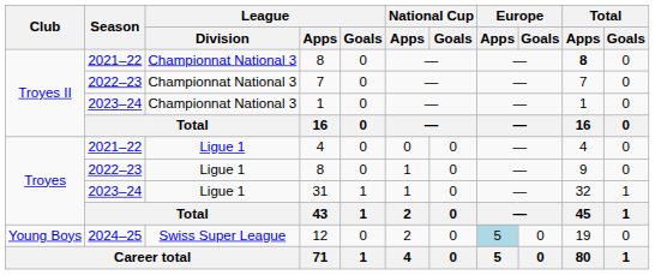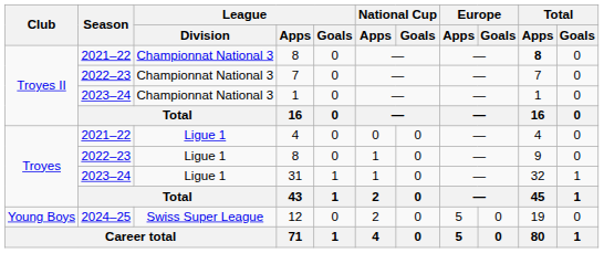 <table class="wikitable" style="text-align:center">
 <tr>
 <th rowspan="2">Club</th>
 <th rowspan="2">Season</th>
 <th colspan="3">League</th>
 <th colspan="2">National Cup</th>
 <th colspan="2">Europe</th>
 <th colspan="2">Total</th>
 </tr>
 <tr>
 <th>Division</th>
 <th>Apps</th>
 <th>Goals</th>
 <th>Apps</th>
 <th>Goals</th>
 <th>Apps</th>
 <th>Goals</th>
 <th>Apps</th>
 <th>Goals</th>
 </tr>
 <tr>
 <td rowspan="4"><a href='#'>Troyes II</a></td>
 <td><a href='#'>2021–22</a></td>
 <td><a href='#'>Championnat National 3</a></td>
 <td>8</td>
 <td>0</td>
 <td colspan="2">—</td>
 <td colspan="2">—</td>
 <td><strong>8</strong></td>
 <td>0</td>
 </tr>
 <tr>
 <td><a href='#'>2022–23</a></td>
 <td>Championnat National 3</td>
 <td>7</td>
 <td>0</td>
 <td colspan="2">—</td>
 <td colspan="2">—</td>
 <td>7</td>
 <td>0</td>
 </tr>
 <tr>
 <td><a href='#'>2023–24</a></td>
 <td>Championnat National 3</td>
 <td>1</td>
 <td>0</td>
 <td colspan="2">—</td>
 <td colspan="2">—</td>
 <td>1</td>
 <td>0</td>
 </tr>
 <tr>
 <th colspan="2">Total</th>
 <th>16</th>
 <th>0</th>
 <th colspan="2">—</th>
 <th colspan="2">—</th>
 <th>16</th>
 <th>0</th>
 </tr>
 <tr>
 <td rowspan="4"><a href='#'>Troyes</a></td>
 <td><a href='#'>2021–22</a></td>
 <td><a href='#'>Ligue 1</a></td>
 <td>4</td>
 <td>0</td>
 <td>0</td>
 <td>0</td>
 <td colspan="2">—</td>
 <td>4</td>
 <td>0</td>
 </tr>
 <tr>
 <td><a href='#'>2022–23</a></td>
 <td>Ligue 1</td>
 <td>8</td>
 <td>0</td>
 <td>1</td>
 <td>0</td>
 <td colspan="2">—</td>
 <td>9</td>
 <td>0</td>
 </tr>
 <tr>
 <td><a href='#'>2023–24</a></td>
 <td>Ligue 1</td>
 <td>31</td>
 <td>1</td>
 <td>1</td>
 <td>0</td>
 <td colspan="2">—</td>
 <td>32</td>
 <td>1</td>
 </tr>
 <tr>
 <th colspan="2">Total</th>
 <th>43</th>
 <th>1</th>
 <th>2</th>
 <th>0</th>
 <th colspan="2">—</th>
 <th>45</th>
 <th>1</th>
 </tr>
 <tr>
 <td><a href='#'>Young Boys</a></td>
 <td><a href='#'>2024–25</a></td>
 <td><a href='#'>Swiss Super League</a></td>
 <td>12</td>
 <td>0</td>
 <td>2</td>
 <td>0</td>
-<td style="background: lightblue;">5</td>
+<td>5</td>
 <td>0</td>
 <td>19</td>
 <td>0</td>
 </tr>
 <tr>
 <th colspan="3">Career total</th>
 <th>71</th>
 <th>1</th>
 <th>4</th>
 <th>0</th>
 <th>5</th>
 <th>0</th>
 <th>80</th>
 <th>1</th>
 </tr>
 </table>
